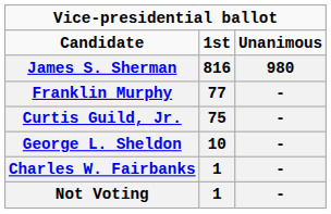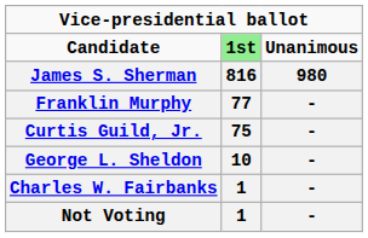 <table class="wikitable" style="text-align:center">
 <tr>
 <td colspan="3"><strong>Vice-presidential ballot</strong></td>
 </tr>
 <tr>
 <td><strong>Candidate</strong></td>
-<td><strong>1st</strong></td>
+<td style="background: lightgreen;"><strong>1st</strong></td>
 <td><strong>Unanimous</strong></td>
 </tr>
 <tr>
 <th><a href='#'>James S. Sherman</a></th>
 <th>816</th>
 <th>980</th>
 </tr>
 <tr>
 <th><a href='#'>Franklin Murphy</a></th>
 <th>77</th>
 <th>-</th>
 </tr>
 <tr>
 <th><a href='#'>Curtis Guild, Jr.</a></th>
 <th>75</th>
 <th>-</th>
 </tr>
 <tr>
 <th><a href='#'>George L. Sheldon</a></th>
 <th>10</th>
 <th>-</th>
 </tr>
 <tr>
 <th><a href='#'>Charles W. Fairbanks</a></th>
 <th>1</th>
 <th>-</th>
 </tr>
 <tr>
 <th>Not Voting</th>
 <th>1</th>
 <th>-</th>
 </tr>
 </table>
